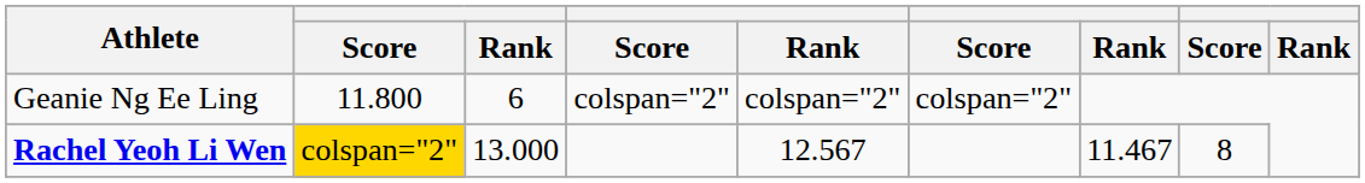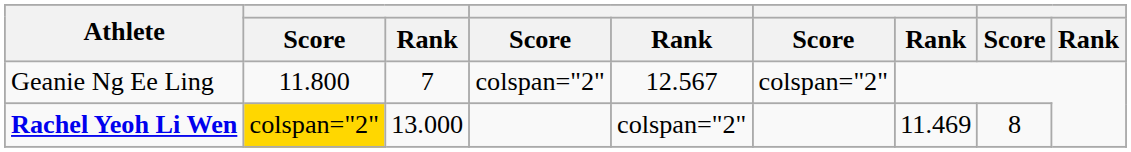 <table class="wikitable" style="font-size: 90%">
 <tr>
 <th rowspan="2">Athlete</th>
 <th colspan="2"></th>
 <th colspan="2"></th>
 <th colspan="2"></th>
 <th colspan="2"></th>
 </tr>
 <tr>
 <th>Score</th>
 <th>Rank</th>
 <th>Score</th>
 <th>Rank</th>
 <th>Score</th>
 <th>Rank</th>
 <th>Score</th>
 <th>Rank</th>
 </tr>
 <tr align="center">
 <td align="left">Geanie Ng Ee Ling</td>
 <td>11.800</td>
-<td>6</td>
+<td>7</td>
 <td>colspan="2" </td>
-<td>colspan="2" </td>
+<td>12.567</td>
 <td>colspan="2" </td>
 </tr>
 <tr align="center">
 <td align="left"><strong><a href='#'>Rachel Yeoh Li Wen</a></strong></td>
 <td style="background: gold;">colspan="2" </td>
 <td>13.000</td>
 <td></td>
-<td>12.567</td>
+<td>colspan="2" </td>
 <td></td>
-<td>11.467</td>
+<td>11.469</td>
 <td>8</td>
 </tr>
 </table>
